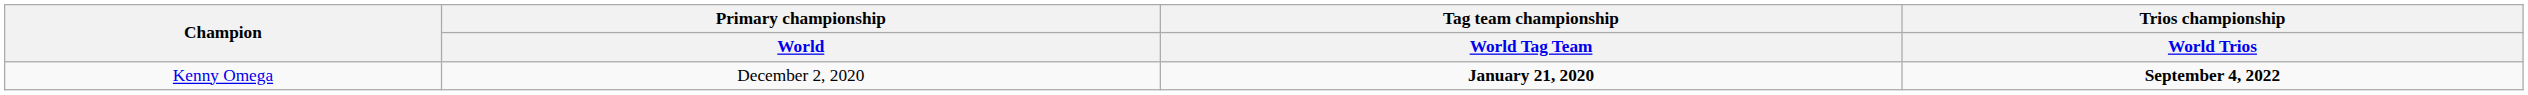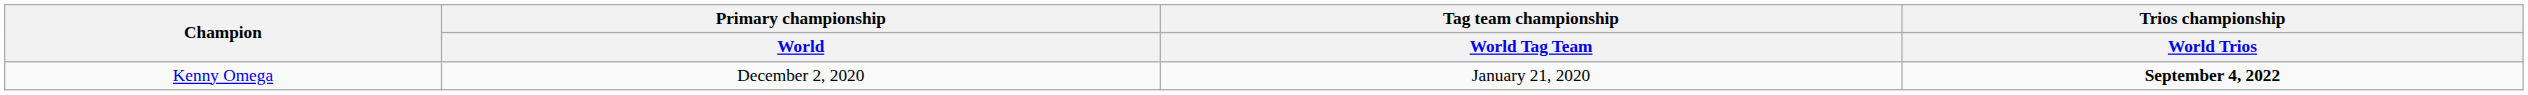 <table class="wikitable" style="font-size:85%; text-align:center; width:100%;">
 <tr>
 <th rowspan=2>Champion</th>
 <th>Primary championship</th>
 <th>Tag team championship</th>
 <th>Trios championship</th>
 </tr>
 <tr>
 <th><a href='#'>World</a></th>
 <th><a href='#'>World Tag Team</a></th>
 <th><a href='#'>World Trios</a></th>
 </tr>
 <tr>
 <td><a href='#'>Kenny Omega</a></td>
 <td>December 2, 2020</td>
-<td><strong>January 21, 2020<br></strong></td>
+<td>January 21, 2020<br></td>
 <td><strong>September 4, 2022</strong><br></td>
 </tr>
 </table>
